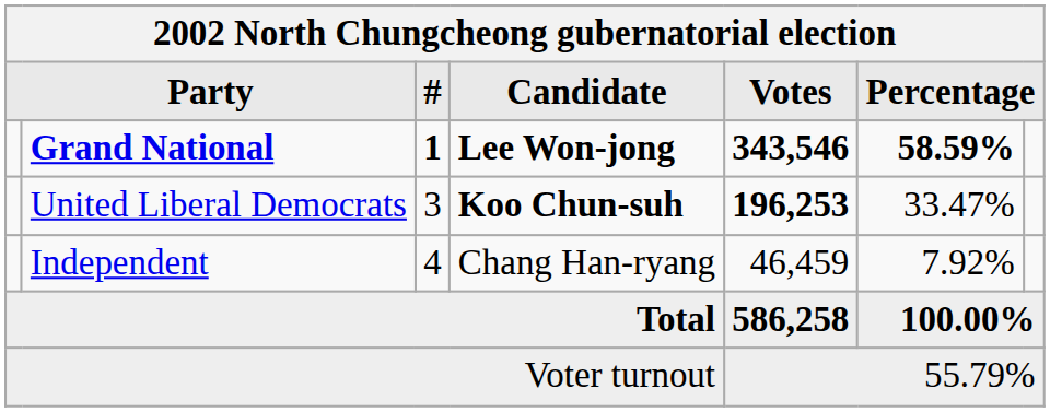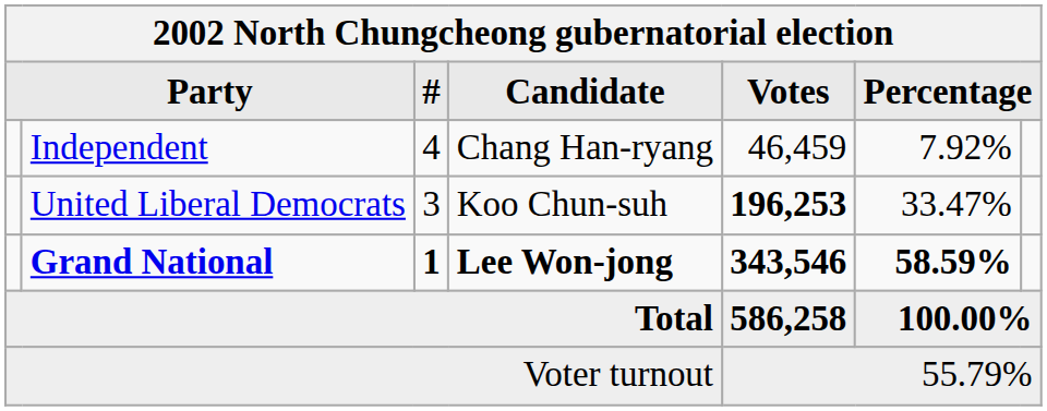 <table class="wikitable">
 <tr>
 <th colspan="7">2002 North Chungcheong gubernatorial election</th>
 </tr>
 <tr>
 <th style="background-color:#E9E9E9" colspan=2>Party</th>
 <th style="background-color:#E9E9E9">#</th>
 <th style="background-color:#E9E9E9">Candidate</th>
 <th style="background-color:#E9E9E9">Votes</th>
 <th style="background-color:#E9E9E9" colspan=2>Percentage</th>
 </tr>
+<tr>
+<td></td>
+<td align=left><a href='#'>Independent</a></td>
+<td align=center>4</td>
+<td align=left>Chang Han-ryang</td>
+<td align=right>46,459</td>
+<td align=right>7.92%</td>
+<td align=right></td>
+</tr>
+<tr>
+<td></td>
+<td align=left><a href='#'>United Liberal Democrats</a></td>
+<td align=center>3</td>
+<td align=left>Koo Chun-suh</td>
+<td align=right><strong>196,253</strong></td>
+<td align=right>33.47%</td>
+<td align=right></td>
+</tr>
 <tr style="font-weight:bold">
 <td></td>
 <td align=left><a href='#'>Grand National</a></td>
 <td align=center>1</td>
 <td align=left>Lee Won-jong</td>
 <td align=right>343,546</td>
 <td align=right>58.59%</td>
-<td align=right></td>
-</tr>
-<tr>
-<td></td>
-<td align=left><a href='#'>United Liberal Democrats</a></td>
-<td align=center>3</td>
-<td align=left><strong>Koo Chun-suh</strong></td>
-<td align=right><strong>196,253</strong></td>
-<td align=right>33.47%</td>
-<td align=right></td>
-</tr>
-<tr>
-<td></td>
-<td align=left><a href='#'>Independent</a></td>
-<td align=center>4</td>
-<td align=left>Chang Han-ryang</td>
-<td align=right>46,459</td>
-<td align=right>7.92%</td>
 <td align=right></td>
 </tr>
 <tr bgcolor="#EEEEEE" style="font-weight:bold">
 <td colspan="4" align=right>Total</td>
 <td align=right>586,258</td>
 <td align=right colspan=2>100.00%</td>
 </tr>
 <tr bgcolor="#EEEEEE">
 <td colspan="4" align="right">Voter turnout</td>
 <td colspan="3" align="right">55.79%</td>
 </tr>
 </table>
